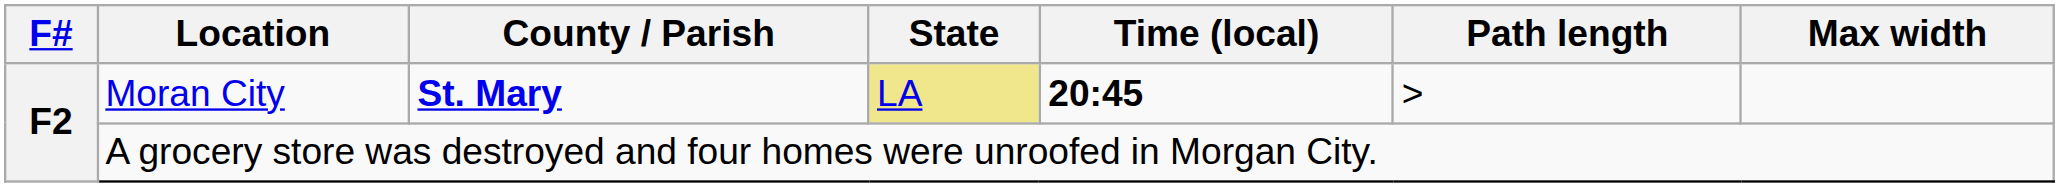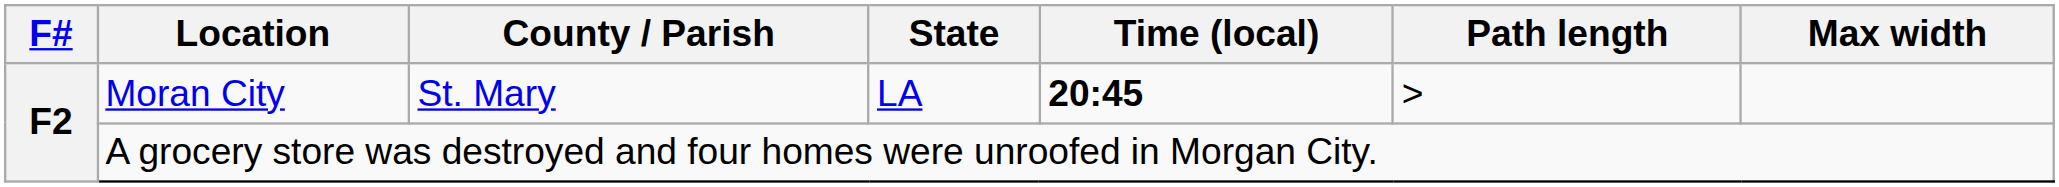 <table class="wikitable sortable" style="width:100%;">
 <tr>
 <th scope="col" align="center"><a href='#'>F#</a><br></th>
 <th scope="col" align="center" class="unsortable">Location</th>
 <th scope="col" align="center" class="unsortable">County / Parish</th>
 <th scope="col" align="center">State</th>
 <th scope="col" align="center">Time (local)</th>
 <th scope="col" align="center">Path length</th>
 <th scope="col" align="center">Max width</th>
 </tr>
 <tr>
 <th scope="row" rowspan="2" style="background-color:#">F2</th>
 <td><a href='#'>Moran City</a></td>
-<td><strong><a href='#'>St. Mary</a></strong></td>
-<td style="background: khaki;"><a href='#'>LA</a></td>
+<td><a href='#'>St. Mary</a></td>
+<td><a href='#'>LA</a></td>
 <td><strong>20:45</strong></td>
 <td>></td>
 <td></td>
 </tr>
 <tr class="expand-child">
 <td colspan="6" style="border-bottom: 1px solid black;">A grocery store was destroyed and four homes were unroofed in Morgan City.</td>
 </tr>
 </table>
